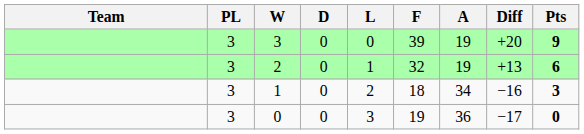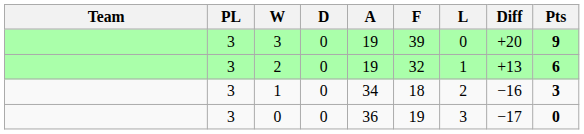 <table class=wikitable style="text-align:center">
 <tr bgcolor="#DCDCDC">
 <th width=200>Team</th>
 <th width=40>PL</th>
 <th width=40>W</th>
 <th width=40>D</th>
+<th width=40>A</th>
+<th width=40>F</th>
 <th width=40>L</th>
-<th width=40>F</th>
-<th width=40>A</th>
 <th width=40>Diff</th>
 <th width=40>Pts</th>
 </tr>
 <tr bgcolor=#AAFFAA>
 <td align=left></td>
 <td>3</td>
 <td>3</td>
 <td>0</td>
+<td>19</td>
+<td>39</td>
 <td>0</td>
-<td>39</td>
-<td>19</td>
 <td>+20</td>
 <td><strong>9</strong></td>
 </tr>
 <tr bgcolor=#AAFFAA>
 <td align=left></td>
 <td>3</td>
 <td>2</td>
 <td>0</td>
+<td>19</td>
+<td>32</td>
 <td>1</td>
-<td>32</td>
-<td>19</td>
 <td>+13</td>
 <td><strong>6</strong></td>
 </tr>
 <tr>
 <td align=left></td>
 <td>3</td>
 <td>1</td>
 <td>0</td>
+<td>34</td>
+<td>18</td>
 <td>2</td>
-<td>18</td>
-<td>34</td>
 <td>−16</td>
 <td><strong>3</strong></td>
 </tr>
 <tr>
 <td align=left></td>
 <td>3</td>
 <td>0</td>
 <td>0</td>
+<td>36</td>
+<td>19</td>
 <td>3</td>
-<td>19</td>
-<td>36</td>
 <td>−17</td>
 <td><strong>0</strong></td>
 </tr>
 </table>
